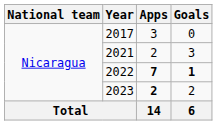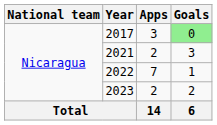 <table class="wikitable" style="text-align:center">
 <tr>
 <th>National team</th>
 <th>Year</th>
 <th>Apps</th>
 <th>Goals</th>
 </tr>
 <tr>
 <td rowspan="4"><a href='#'>Nicaragua</a></td>
 <td>2017</td>
 <td>3</td>
-<td>0</td>
+<td style="background: lightgreen;">0</td>
 </tr>
 <tr>
 <td>2021</td>
 <td>2</td>
 <td>3</td>
 </tr>
 <tr>
 <td>2022</td>
-<td><strong>7</strong></td>
-<td><strong>1</strong></td>
+<td>7</td>
+<td>1</td>
 </tr>
 <tr>
 <td>2023</td>
-<td><strong>2</strong></td>
+<td>2</td>
 <td>2</td>
 </tr>
 <tr>
 <th colspan="2">Total</th>
 <th>14</th>
 <th>6</th>
 </tr>
 </table>
